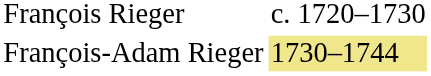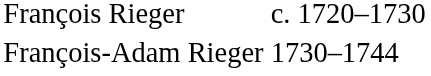 <table>
 <tr>
 <td>François Rieger</td>
 <td>c. 1720–1730</td>
 </tr>
 <tr>
 <td>François-Adam Rieger</td>
-<td style="background: khaki;">1730–1744</td>
+<td>1730–1744</td>
 </tr>
 </table>
